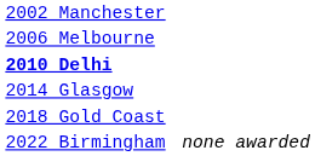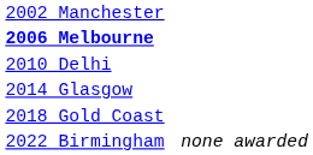 <table>
 <tr>
 <td><a href='#'>2002 Manchester</a><br></td>
 <td></td>
 <td></td>
 <td></td>
 </tr>
 <tr>
-<td><a href='#'>2006 Melbourne</a><br></td>
+<td><strong><a href='#'>2006 Melbourne</a><br></strong></td>
 <td></td>
 <td></td>
 <td><br></td>
 </tr>
 <tr>
-<td><strong><a href='#'>2010 Delhi</a><br></strong></td>
+<td><a href='#'>2010 Delhi</a><br></td>
 <td></td>
 <td></td>
 <td></td>
 </tr>
 <tr>
 <td><a href='#'>2014 Glasgow</a><br></td>
 <td></td>
 <td></td>
 <td></td>
 </tr>
 <tr>
 <td><a href='#'>2018 Gold Coast</a><br></td>
 <td></td>
 <td></td>
 <td></td>
 </tr>
 <tr>
 <td rowspan="2"><a href='#'>2022 Birmingham</a><br></td>
 <td rowspan="2"></td>
 <td></td>
 <td rowspan="2"><em>none awarded</em></td>
 </tr>
 <tr>
 <td></td>
 </tr>
 </table>
